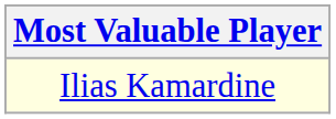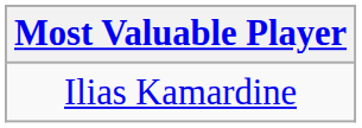 <table class=wikitable style="text-align:center">
 <tr>
 <th><a href='#'>Most Valuable Player</a></th>
 </tr>
 <tr>
-<td style="background: lightyellow;"> <a href='#'>Ilias Kamardine</a></td>
+<td> <a href='#'>Ilias Kamardine</a></td>
 </tr>
 </table>
